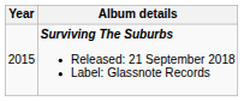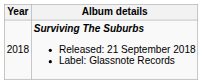 <table class="wikitable">
 <tr>
 <th><strong>Year</strong></th>
 <th><strong>Album details</strong></th>
 </tr>
 <tr>
-<td>2015</td>
+<td>2018</td>
 <td><strong><em>Surviving The Suburbs</em></strong><br><ul><li>Released: 21 September 2018</li><li>Label: Glassnote Records</li></ul></td>
 </tr>
 </table>
